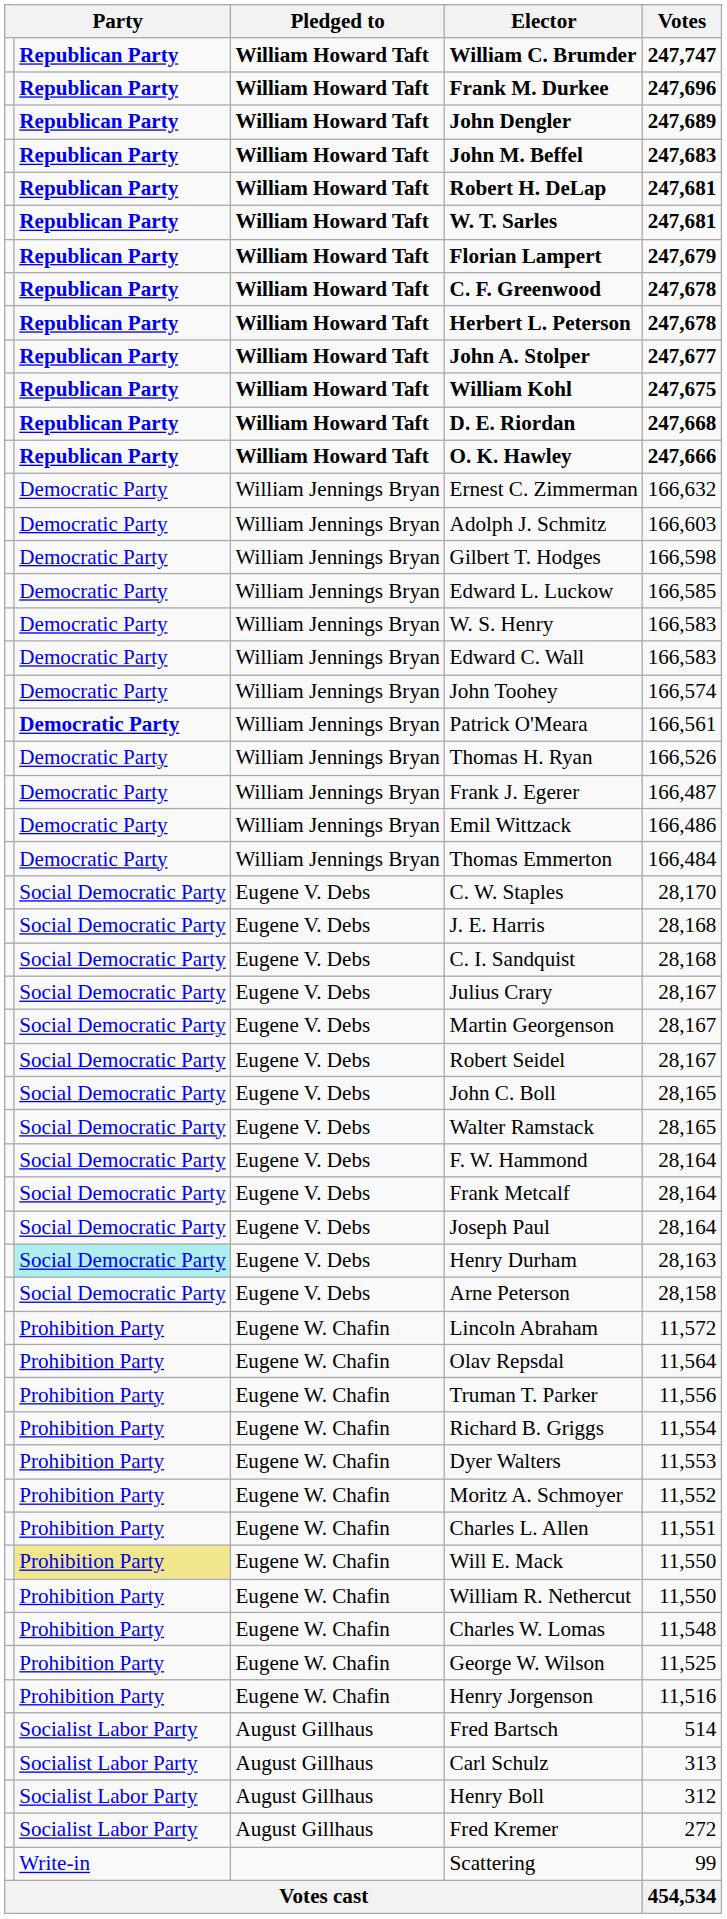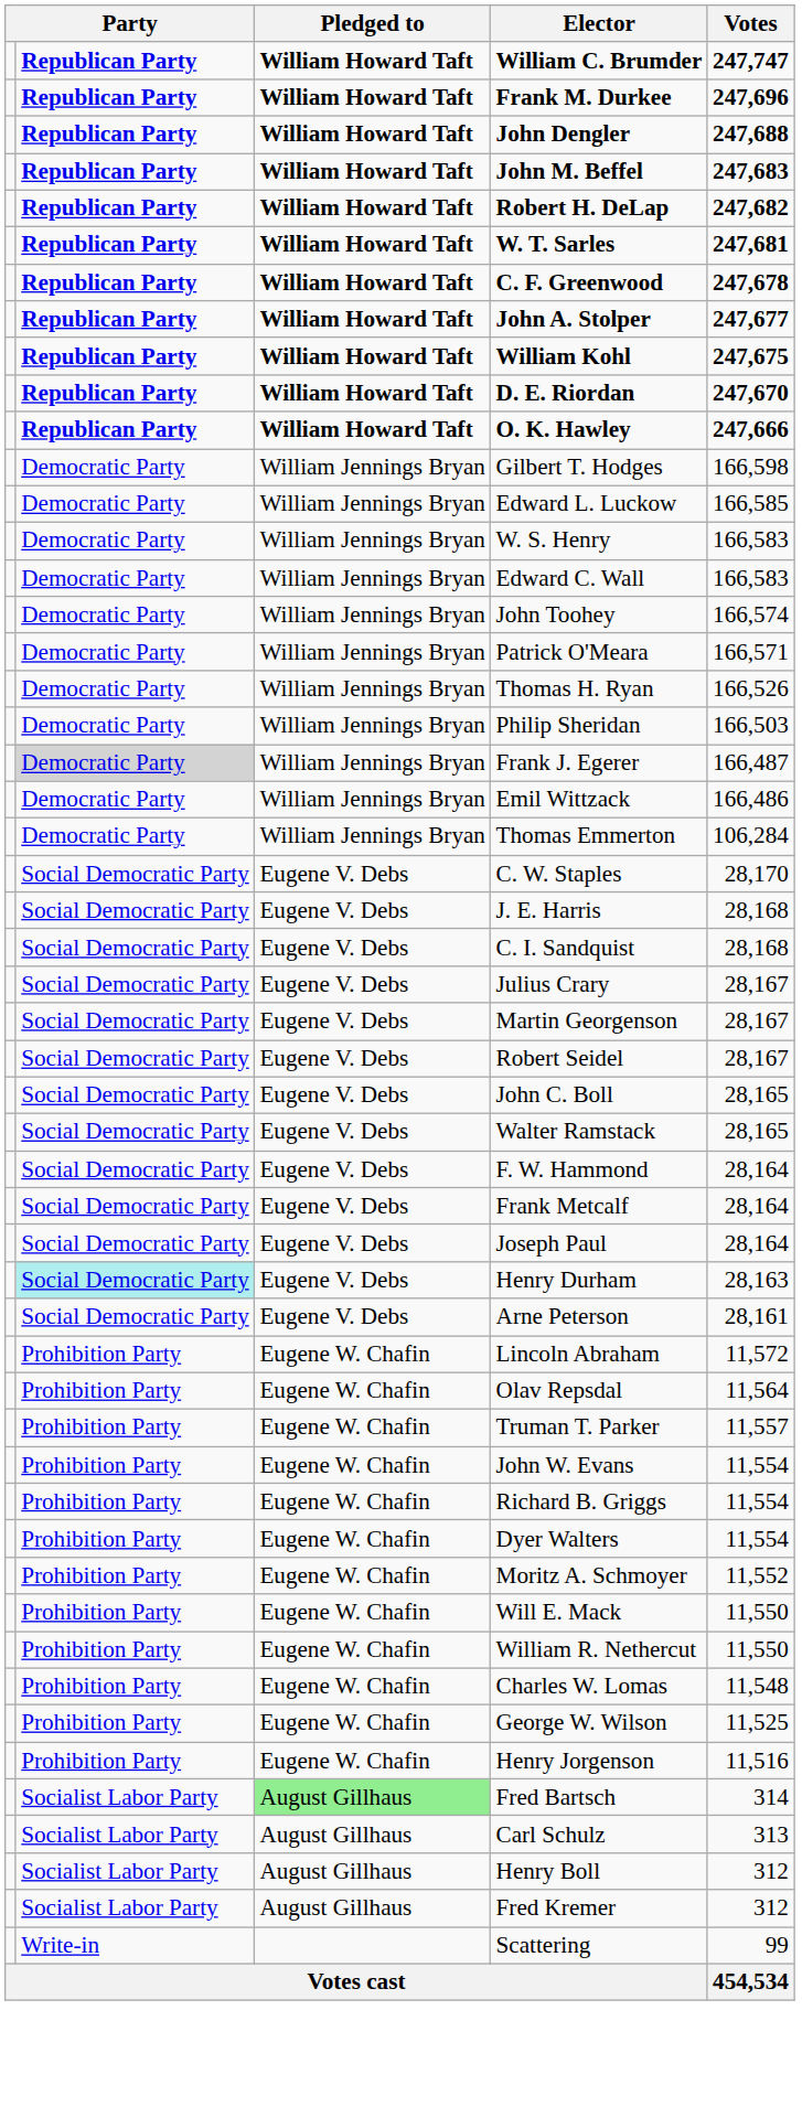 <table class="wikitable">
 <tr>
 <th colspan=2>Party</th>
 <th>Pledged to</th>
 <th>Elector</th>
 <th>Votes</th>
 </tr>
 <tr style="font-weight:bold">
 <td></td>
 <td><a href='#'>Republican Party</a></td>
 <td>William Howard Taft</td>
 <td>William C. Brumder</td>
 <td align="right">247,747</td>
 </tr>
 <tr style="font-weight:bold">
 <td></td>
 <td><a href='#'>Republican Party</a></td>
 <td>William Howard Taft</td>
 <td>Frank M. Durkee</td>
 <td align="right">247,696</td>
 </tr>
 <tr style="font-weight:bold">
 <td></td>
 <td><a href='#'>Republican Party</a></td>
 <td>William Howard Taft</td>
 <td>John Dengler</td>
-<td align="right">247,689</td>
+<td align="right">247,688</td>
 </tr>
 <tr style="font-weight:bold">
 <td></td>
 <td><a href='#'>Republican Party</a></td>
 <td>William Howard Taft</td>
 <td>John M. Beffel</td>
 <td align="right">247,683</td>
 </tr>
 <tr style="font-weight:bold">
 <td></td>
 <td><a href='#'>Republican Party</a></td>
 <td>William Howard Taft</td>
 <td>Robert H. DeLap</td>
-<td align="right">247,681</td>
+<td align="right">247,682</td>
 </tr>
 <tr style="font-weight:bold">
 <td></td>
 <td><a href='#'>Republican Party</a></td>
 <td>William Howard Taft</td>
 <td>W. T. Sarles</td>
 <td align="right">247,681</td>
 </tr>
 <tr style="font-weight:bold">
 <td></td>
 <td><a href='#'>Republican Party</a></td>
 <td>William Howard Taft</td>
-<td>Florian Lampert</td>
-<td align="right">247,679</td>
-</tr>
-<tr style="font-weight:bold">
-<td></td>
-<td><a href='#'>Republican Party</a></td>
-<td>William Howard Taft</td>
 <td>C. F. Greenwood</td>
-<td align="right">247,678</td>
-</tr>
-<tr style="font-weight:bold">
-<td></td>
-<td><a href='#'>Republican Party</a></td>
-<td>William Howard Taft</td>
-<td>Herbert L. Peterson</td>
 <td align="right">247,678</td>
 </tr>
 <tr style="font-weight:bold">
 <td></td>
 <td><a href='#'>Republican Party</a></td>
 <td>William Howard Taft</td>
 <td>John A. Stolper</td>
 <td align="right">247,677</td>
 </tr>
 <tr style="font-weight:bold">
 <td></td>
 <td><a href='#'>Republican Party</a></td>
 <td>William Howard Taft</td>
 <td>William Kohl</td>
 <td align="right">247,675</td>
 </tr>
 <tr style="font-weight:bold">
 <td></td>
 <td><a href='#'>Republican Party</a></td>
 <td>William Howard Taft</td>
 <td>D. E. Riordan</td>
-<td align="right">247,668</td>
+<td align="right">247,670</td>
 </tr>
 <tr style="font-weight:bold">
 <td></td>
 <td><a href='#'>Republican Party</a></td>
 <td>William Howard Taft</td>
 <td>O. K. Hawley</td>
 <td align="right">247,666</td>
-</tr>
-<tr>
-<td></td>
-<td><a href='#'>Democratic Party</a></td>
-<td>William Jennings Bryan</td>
-<td>Ernest C. Zimmerman</td>
-<td align="right">166,632</td>
-</tr>
-<tr>
-<td></td>
-<td><a href='#'>Democratic Party</a></td>
-<td>William Jennings Bryan</td>
-<td>Adolph J. Schmitz</td>
-<td align="right">166,603</td>
 </tr>
 <tr>
 <td></td>
 <td><a href='#'>Democratic Party</a></td>
 <td>William Jennings Bryan</td>
 <td>Gilbert T. Hodges</td>
 <td align="right">166,598</td>
 </tr>
 <tr>
 <td></td>
 <td><a href='#'>Democratic Party</a></td>
 <td>William Jennings Bryan</td>
 <td>Edward L. Luckow</td>
 <td align="right">166,585</td>
 </tr>
 <tr>
 <td></td>
 <td><a href='#'>Democratic Party</a></td>
 <td>William Jennings Bryan</td>
 <td>W. S. Henry</td>
 <td align="right">166,583</td>
 </tr>
 <tr>
 <td></td>
 <td><a href='#'>Democratic Party</a></td>
 <td>William Jennings Bryan</td>
 <td>Edward C. Wall</td>
 <td align="right">166,583</td>
 </tr>
 <tr>
 <td></td>
 <td><a href='#'>Democratic Party</a></td>
 <td>William Jennings Bryan</td>
 <td>John Toohey</td>
 <td align="right">166,574</td>
 </tr>
 <tr>
 <td></td>
-<td><strong><a href='#'>Democratic Party</a></strong></td>
+<td><a href='#'>Democratic Party</a></td>
 <td>William Jennings Bryan</td>
 <td>Patrick O'Meara</td>
-<td align="right">166,561</td>
+<td align="right">166,571</td>
 </tr>
 <tr>
 <td></td>
 <td><a href='#'>Democratic Party</a></td>
 <td>William Jennings Bryan</td>
 <td>Thomas H. Ryan</td>
 <td align="right">166,526</td>
 </tr>
 <tr>
 <td></td>
 <td><a href='#'>Democratic Party</a></td>
+<td>William Jennings Bryan</td>
+<td>Philip Sheridan</td>
+<td align="right">166,503</td>
+</tr>
+<tr>
+<td></td>
+<td style="background: lightgrey;"><a href='#'>Democratic Party</a></td>
 <td>William Jennings Bryan</td>
 <td>Frank J. Egerer</td>
 <td align="right">166,487</td>
 </tr>
 <tr>
 <td></td>
 <td><a href='#'>Democratic Party</a></td>
 <td>William Jennings Bryan</td>
 <td>Emil Wittzack</td>
 <td align="right">166,486</td>
 </tr>
 <tr>
 <td></td>
 <td><a href='#'>Democratic Party</a></td>
 <td>William Jennings Bryan</td>
 <td>Thomas Emmerton</td>
-<td align="right">166,484</td>
+<td align="right">106,284</td>
 </tr>
 <tr>
 <td></td>
 <td><a href='#'>Social Democratic Party</a></td>
 <td>Eugene V. Debs</td>
 <td>C. W. Staples</td>
 <td align="right">28,170</td>
 </tr>
 <tr>
 <td></td>
 <td><a href='#'>Social Democratic Party</a></td>
 <td>Eugene V. Debs</td>
 <td>J. E. Harris</td>
 <td align="right">28,168</td>
 </tr>
 <tr>
 <td></td>
 <td><a href='#'>Social Democratic Party</a></td>
 <td>Eugene V. Debs</td>
 <td>C. I. Sandquist</td>
 <td align="right">28,168</td>
 </tr>
 <tr>
 <td></td>
 <td><a href='#'>Social Democratic Party</a></td>
 <td>Eugene V. Debs</td>
 <td>Julius Crary</td>
 <td align="right">28,167</td>
 </tr>
 <tr>
 <td></td>
 <td><a href='#'>Social Democratic Party</a></td>
 <td>Eugene V. Debs</td>
 <td>Martin Georgenson</td>
 <td align="right">28,167</td>
 </tr>
 <tr>
 <td></td>
 <td><a href='#'>Social Democratic Party</a></td>
 <td>Eugene V. Debs</td>
 <td>Robert Seidel</td>
 <td align="right">28,167</td>
 </tr>
 <tr>
 <td></td>
 <td><a href='#'>Social Democratic Party</a></td>
 <td>Eugene V. Debs</td>
 <td>John C. Boll</td>
 <td align="right">28,165</td>
 </tr>
 <tr>
 <td></td>
 <td><a href='#'>Social Democratic Party</a></td>
 <td>Eugene V. Debs</td>
 <td>Walter Ramstack</td>
 <td align="right">28,165</td>
 </tr>
 <tr>
 <td></td>
 <td><a href='#'>Social Democratic Party</a></td>
 <td>Eugene V. Debs</td>
 <td>F. W. Hammond</td>
 <td align="right">28,164</td>
 </tr>
 <tr>
 <td></td>
 <td><a href='#'>Social Democratic Party</a></td>
 <td>Eugene V. Debs</td>
 <td>Frank Metcalf</td>
 <td align="right">28,164</td>
 </tr>
 <tr>
 <td></td>
 <td><a href='#'>Social Democratic Party</a></td>
 <td>Eugene V. Debs</td>
 <td>Joseph Paul</td>
 <td align="right">28,164</td>
 </tr>
 <tr>
 <td></td>
 <td style="background: paleturquoise;"><a href='#'>Social Democratic Party</a></td>
 <td>Eugene V. Debs</td>
 <td>Henry Durham</td>
 <td align="right">28,163</td>
 </tr>
 <tr>
 <td></td>
 <td><a href='#'>Social Democratic Party</a></td>
 <td>Eugene V. Debs</td>
 <td>Arne Peterson</td>
-<td align="right">28,158</td>
+<td align="right">28,161</td>
 </tr>
 <tr>
 <td></td>
 <td><a href='#'>Prohibition Party</a></td>
 <td>Eugene W. Chafin</td>
 <td>Lincoln Abraham</td>
 <td align="right">11,572</td>
 </tr>
 <tr>
 <td></td>
 <td><a href='#'>Prohibition Party</a></td>
 <td>Eugene W. Chafin</td>
 <td>Olav Repsdal</td>
 <td align="right">11,564</td>
 </tr>
 <tr>
 <td></td>
 <td><a href='#'>Prohibition Party</a></td>
 <td>Eugene W. Chafin</td>
 <td>Truman T. Parker</td>
-<td align="right">11,556</td>
+<td align="right">11,557</td>
+</tr>
+<tr>
+<td></td>
+<td><a href='#'>Prohibition Party</a></td>
+<td>Eugene W. Chafin</td>
+<td>John W. Evans</td>
+<td align="right">11,554</td>
 </tr>
 <tr>
 <td></td>
 <td><a href='#'>Prohibition Party</a></td>
 <td>Eugene W. Chafin</td>
 <td>Richard B. Griggs</td>
 <td align="right">11,554</td>
 </tr>
 <tr>
 <td></td>
 <td><a href='#'>Prohibition Party</a></td>
 <td>Eugene W. Chafin</td>
 <td>Dyer Walters</td>
-<td align="right">11,553</td>
+<td align="right">11,554</td>
 </tr>
 <tr>
 <td></td>
 <td><a href='#'>Prohibition Party</a></td>
 <td>Eugene W. Chafin</td>
 <td>Moritz A. Schmoyer</td>
 <td align="right">11,552</td>
 </tr>
 <tr>
 <td></td>
 <td><a href='#'>Prohibition Party</a></td>
-<td>Eugene W. Chafin</td>
-<td>Charles L. Allen</td>
-<td align="right">11,551</td>
-</tr>
-<tr>
-<td></td>
-<td style="background: khaki;"><a href='#'>Prohibition Party</a></td>
 <td>Eugene W. Chafin</td>
 <td>Will E. Mack</td>
 <td align="right">11,550</td>
 </tr>
 <tr>
 <td></td>
 <td><a href='#'>Prohibition Party</a></td>
 <td>Eugene W. Chafin</td>
 <td>William R. Nethercut</td>
 <td align="right">11,550</td>
 </tr>
 <tr>
 <td></td>
 <td><a href='#'>Prohibition Party</a></td>
 <td>Eugene W. Chafin</td>
 <td>Charles W. Lomas</td>
 <td align="right">11,548</td>
 </tr>
 <tr>
 <td></td>
 <td><a href='#'>Prohibition Party</a></td>
 <td>Eugene W. Chafin</td>
 <td>George W. Wilson</td>
 <td align="right">11,525</td>
 </tr>
 <tr>
 <td></td>
 <td><a href='#'>Prohibition Party</a></td>
 <td>Eugene W. Chafin</td>
 <td>Henry Jorgenson</td>
 <td align="right">11,516</td>
 </tr>
 <tr>
 <td></td>
 <td><a href='#'>Socialist Labor Party</a></td>
-<td>August Gillhaus</td>
+<td style="background: lightgreen;">August Gillhaus</td>
 <td>Fred Bartsch</td>
-<td align="right">514</td>
+<td align="right">314</td>
 </tr>
 <tr>
 <td></td>
 <td><a href='#'>Socialist Labor Party</a></td>
 <td>August Gillhaus</td>
 <td>Carl Schulz</td>
 <td align="right">313</td>
 </tr>
 <tr>
 <td></td>
 <td><a href='#'>Socialist Labor Party</a></td>
 <td>August Gillhaus</td>
 <td>Henry Boll</td>
 <td align="right">312</td>
 </tr>
 <tr>
 <td></td>
 <td><a href='#'>Socialist Labor Party</a></td>
 <td>August Gillhaus</td>
 <td>Fred Kremer</td>
-<td align="right">272</td>
+<td align="right">312</td>
 </tr>
 <tr>
 <td></td>
 <td><a href='#'>Write-in</a></td>
 <td></td>
 <td>Scattering</td>
 <td align="right">99</td>
 </tr>
 <tr>
 <th colspan="4">Votes cast</th>
 <th>454,534</th>
 </tr>
 </table>
